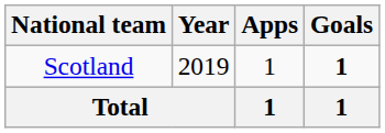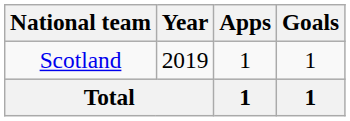 <table class="wikitable" style="text-align:center">
 <tr>
 <th>National team</th>
 <th>Year</th>
 <th>Apps</th>
 <th>Goals</th>
 </tr>
 <tr>
 <td rowspan="1"><a href='#'>Scotland</a></td>
 <td>2019</td>
 <td>1</td>
-<td><strong>1</strong></td>
+<td>1</td>
 </tr>
 <tr>
 <th colspan="2">Total</th>
 <th>1</th>
 <th>1</th>
 </tr>
 </table>
